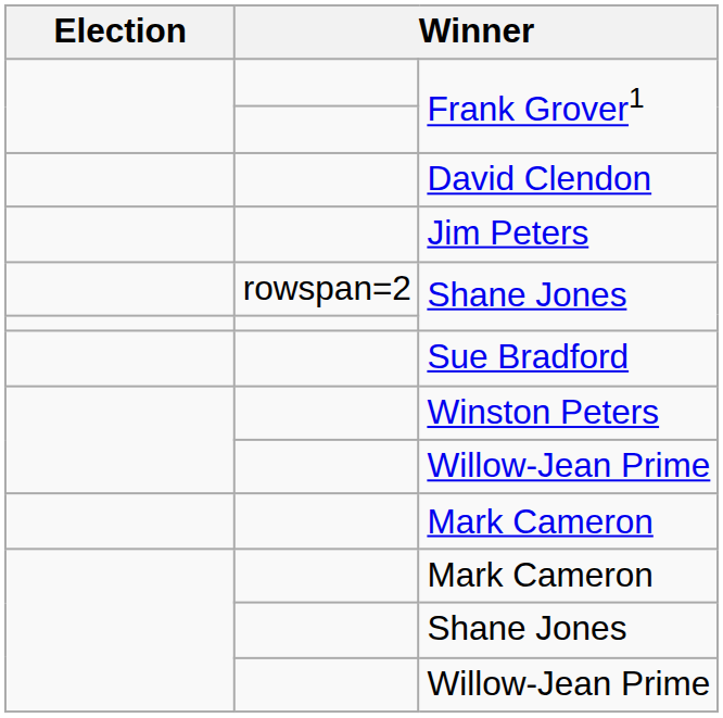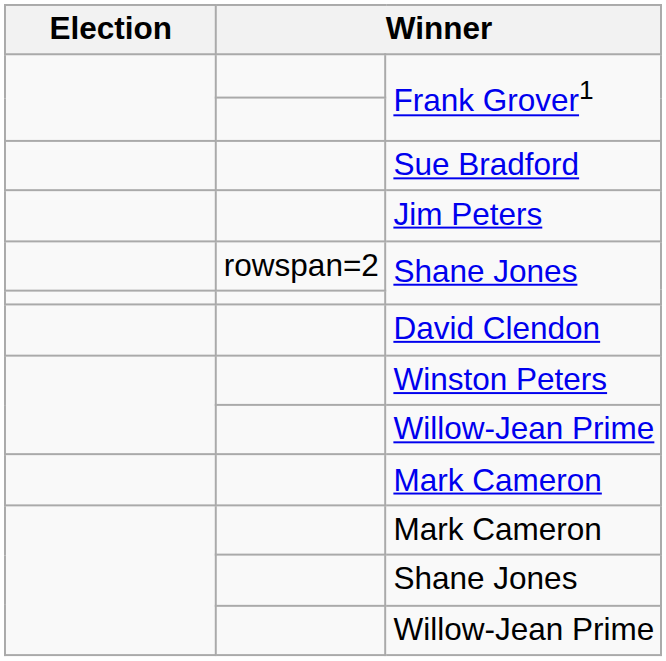 <table class=wikitable>
 <tr>
 <th width=100>Election</th>
 <th width=175 colspan=2>Winner</th>
 </tr>
 <tr>
 <td rowspan=2 height=36></td>
 <td></td>
 <td rowspan=2><a href='#'>Frank Grover</a><sup>1</sup></td>
 </tr>
 <tr>
 <td></td>
 </tr>
 <tr>
 <td></td>
 <td></td>
-<td><a href='#'>David Clendon</a></td>
+<td><a href='#'>Sue Bradford</a></td>
 </tr>
 <tr>
 <td></td>
 <td></td>
 <td><a href='#'>Jim Peters</a></td>
 </tr>
 <tr>
 <td></td>
 <td>rowspan=2 </td>
 <td rowspan=2><a href='#'>Shane Jones</a></td>
 </tr>
 <tr>
 <td></td>
 </tr>
 <tr>
 <td></td>
 <td></td>
-<td><a href='#'>Sue Bradford</a></td>
+<td><a href='#'>David Clendon</a></td>
 </tr>
 <tr>
 <td rowspan=2></td>
 <td></td>
 <td><a href='#'>Winston Peters</a></td>
 </tr>
 <tr>
 <td></td>
 <td><a href='#'>Willow-Jean Prime</a></td>
 </tr>
 <tr>
 <td></td>
 <td></td>
 <td><a href='#'>Mark Cameron</a></td>
 </tr>
 <tr>
 <td rowspan=3></td>
 <td></td>
 <td>Mark Cameron</td>
 </tr>
 <tr>
 <td></td>
 <td>Shane Jones</td>
 </tr>
 <tr>
 <td></td>
 <td>Willow-Jean Prime</td>
 </tr>
 </table>
